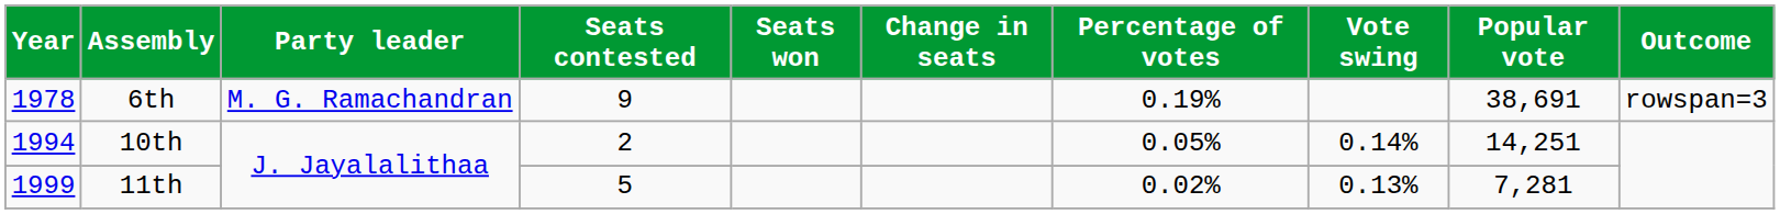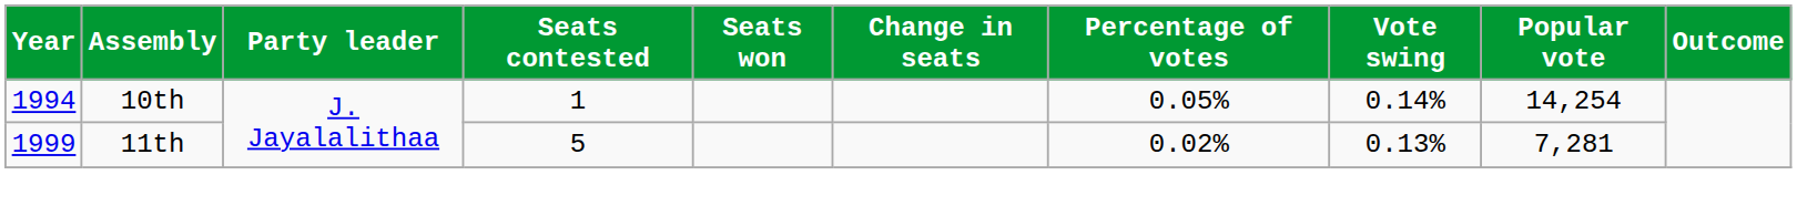 <table class="wikitable sortable" style="text-align:center">
 <tr>
 <th style="background-color:#009933;color:white">Year</th>
 <th style="background-color:#009933;color:white">Assembly</th>
 <th style="background-color:#009933;color:white">Party leader</th>
 <th style="background-color:#009933;color:white">Seats contested</th>
 <th style="background-color:#009933;color:white">Seats won</th>
 <th style="background-color:#009933;color:white">Change in seats</th>
 <th style="background-color:#009933;color:white">Percentage of votes</th>
 <th style="background-color:#009933;color:white">Vote swing</th>
 <th style="background-color:#009933;color:white">Popular vote</th>
 <th style="background-color:#009933;color:white">Outcome</th>
 </tr>
 <tr>
-<td><a href='#'>1978</a></td>
-<td>6th</td>
-<td><a href='#'>M.&nbsp;G.&nbsp;Ramachandran</a></td>
-<td>9</td>
-<td></td>
-<td></td>
-<td>0.19%</td>
-<td></td>
-<td>38,691</td>
-<td>rowspan=3 </td>
-</tr>
-<tr>
 <td><a href='#'>1994</a></td>
 <td>10th</td>
 <td rowspan=2><a href='#'>J. Jayalalithaa</a></td>
-<td>2</td>
+<td>1</td>
 <td></td>
 <td></td>
 <td>0.05%</td>
 <td> 0.14%</td>
-<td>14,251</td>
+<td>14,254</td>
 </tr>
 <tr>
 <td><a href='#'>1999</a></td>
 <td>11th</td>
 <td>5</td>
 <td></td>
 <td></td>
 <td>0.02%</td>
 <td> 0.13%</td>
 <td>7,281</td>
 </tr>
 </table>
